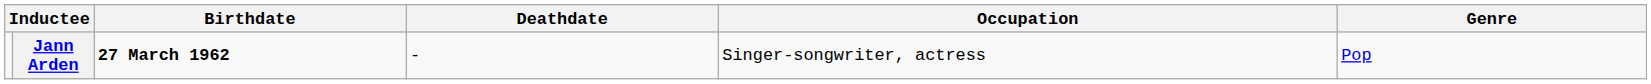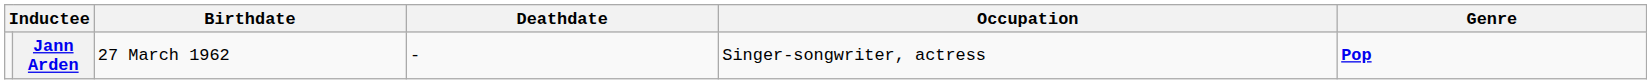 <table class="wikitable" width="100%">
 <tr>
 <th colspan=2>Inductee</th>
 <th width="20%">Birthdate</th>
 <th width="20%">Deathdate</th>
 <th width="40%">Occupation</th>
 <th width="40%">Genre</th>
 </tr>
 <tr>
 <td></td>
 <th><a href='#'>Jann Arden</a></th>
-<td><strong>27 March 1962</strong></td>
+<td>27 March 1962</td>
 <td>-</td>
 <td>Singer-songwriter, actress</td>
-<td><a href='#'>Pop</a></td>
+<td><strong><a href='#'>Pop</a></strong></td>
 </tr>
 </table>
